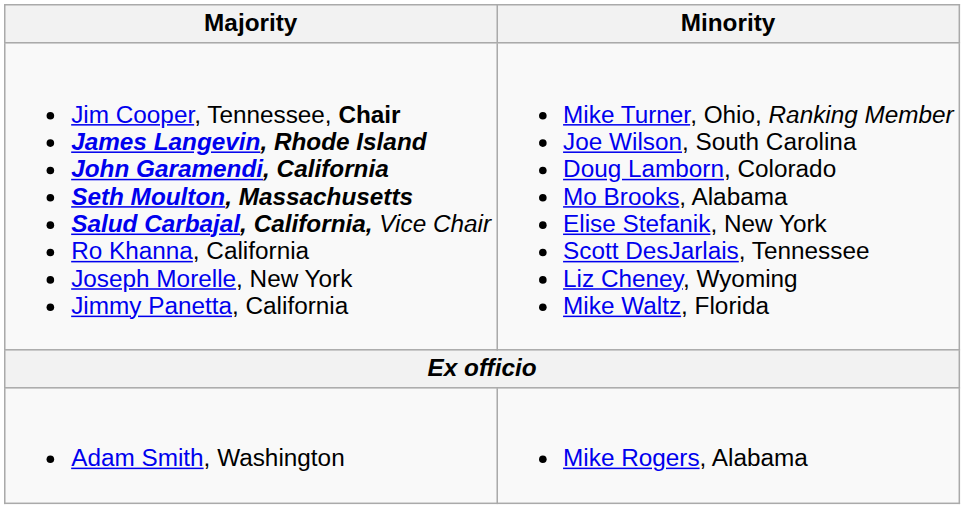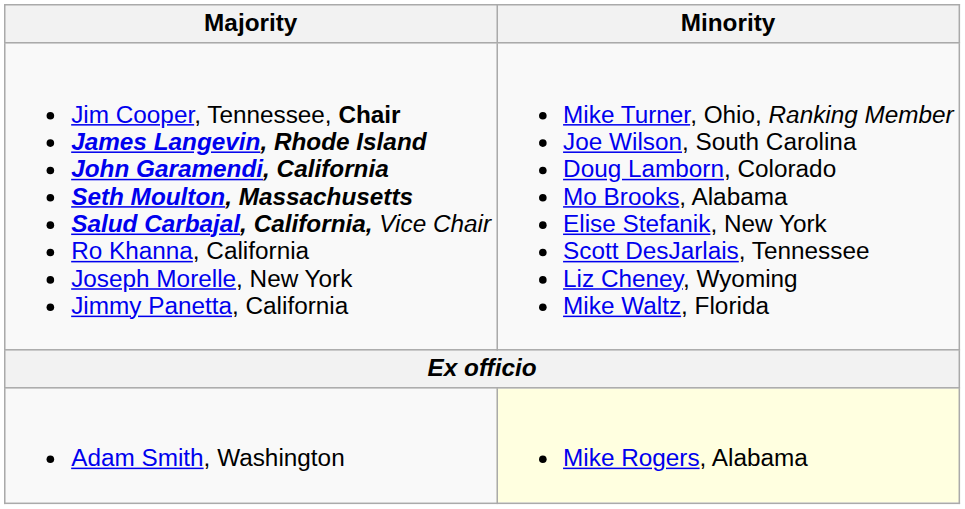 <table class=wikitable>
 <tr>
 <th>Majority</th>
 <th>Minority</th>
 </tr>
 <tr>
 <td><br><ul><li><a href='#'>Jim Cooper</a>, Tennessee, <strong>Chair<em></li><li><a href='#'>James Langevin</a>, Rhode Island</li><li><a href='#'>John Garamendi</a>, California</li><li><a href='#'>Seth Moulton</a>, Massachusetts</li><li><a href='#'>Salud Carbajal</a>, California, </strong>Vice Chair</em></li><li><a href='#'>Ro Khanna</a>, California</li><li><a href='#'>Joseph Morelle</a>, New York</li><li><a href='#'>Jimmy Panetta</a>, California</li></ul></td>
 <td><br><ul><li><a href='#'>Mike Turner</a>, Ohio, <em>Ranking Member</em></li><li><a href='#'>Joe Wilson</a>, South Carolina</li><li><a href='#'>Doug Lamborn</a>, Colorado</li><li><a href='#'>Mo Brooks</a>, Alabama</li><li><a href='#'>Elise Stefanik</a>, New York</li><li><a href='#'>Scott DesJarlais</a>, Tennessee</li><li><a href='#'>Liz Cheney</a>, Wyoming</li><li><a href='#'>Mike Waltz</a>, Florida</li></ul></td>
 </tr>
 <tr>
 <th colspan=2><em>Ex officio</em></th>
 </tr>
 <tr>
 <td><br><ul><li><a href='#'>Adam Smith</a>, Washington</li></ul></td>
-<td><br><ul><li><a href='#'>Mike Rogers</a>, Alabama</li></ul></td>
+<td style="background: lightyellow;"><br><ul><li><a href='#'>Mike Rogers</a>, Alabama</li></ul></td>
 </tr>
 </table>
